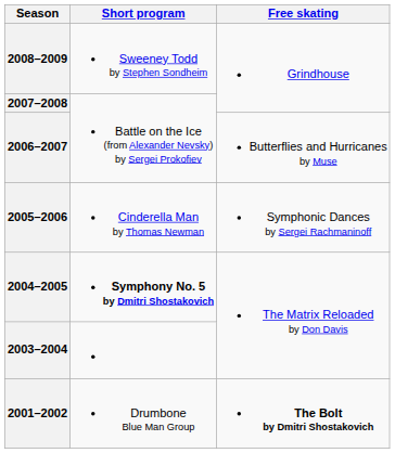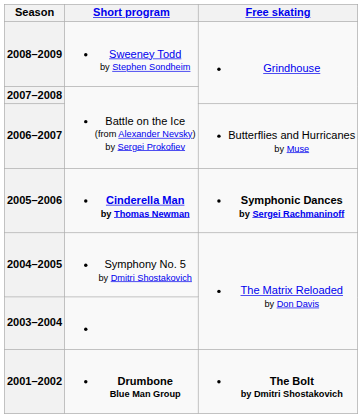 <table class=wikitable style=text-align:center>
 <tr>
 <th>Season</th>
 <th><a href='#'>Short program</a></th>
 <th><a href='#'>Free skating</a></th>
 </tr>
 <tr>
 <th>2008–2009 <br> </th>
 <td><br><ul><li><a href='#'>Sweeney Todd</a> <br><small> by <a href='#'>Stephen Sondheim</a> </small></li></ul></td>
 <td rowspan=2><br><ul><li><a href='#'>Grindhouse</a></li></ul></td>
 </tr>
 <tr>
 <th>2007–2008 <br> </th>
 <td rowspan=2><br><ul><li>Battle on the Ice <br><small> (from <a href='#'>Alexander Nevsky</a>) <br> by <a href='#'>Sergei Prokofiev</a> </small></li></ul></td>
 </tr>
 <tr>
 <th>2006–2007 <br> </th>
 <td><br><ul><li>Butterflies and Hurricanes <br><small> by <a href='#'>Muse</a> </small></li></ul></td>
 </tr>
 <tr>
 <th>2005–2006 <br> </th>
-<td><br><ul><li><a href='#'>Cinderella Man</a> <br><small> by <a href='#'>Thomas Newman</a> </small></li></ul></td>
-<td><br><ul><li>Symphonic Dances <br><small> by <a href='#'>Sergei Rachmaninoff</a> </small></li></ul></td>
+<td><strong><br><ul><li><a href='#'>Cinderella Man</a> <br><small> by <a href='#'>Thomas Newman</a> </small></li></ul></strong></td>
+<td><strong><br><ul><li>Symphonic Dances <br><small> by <a href='#'>Sergei Rachmaninoff</a> </small></li></ul></strong></td>
 </tr>
 <tr>
 <th>2004–2005 <br> </th>
-<td><strong><br><ul><li>Symphony No. 5 <br><small> by <a href='#'>Dmitri Shostakovich</a> </small></li></ul></strong></td>
+<td><br><ul><li>Symphony No. 5 <br><small> by <a href='#'>Dmitri Shostakovich</a> </small></li></ul></td>
 <td rowspan=2><br><ul><li><a href='#'>The Matrix Reloaded</a> <br><small> by <a href='#'>Don Davis</a> </small></li></ul></td>
 </tr>
 <tr>
 <th>2003–2004 <br> </th>
 <td><br><ul><li></li></ul></td>
 </tr>
 <tr>
 <th>2001–2002 <br> </th>
-<td><br><ul><li>Drumbone <br><small> Blue Man Group </small></li></ul></td>
+<td><strong><br><ul><li>Drumbone <br><small> Blue Man Group </small></li></ul></strong></td>
 <td><strong><br><ul><li>The Bolt <br><small> by Dmitri Shostakovich </small></li></ul></strong></td>
 </tr>
 </table>
